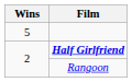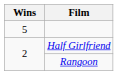 <table class="wikitable" rowspan="2" style="text-align:center;">
 <tr>
 <th scope="col" style="width:55px;">Wins</th>
 <th scope="col" style="text-align:center;">Film</th>
 </tr>
 <tr>
 <td>5</td>
 <td><em></em></td>
 </tr>
 <tr>
 <td rowspan="2">2</td>
-<td><strong><em><a href='#'>Half Girlfriend</a></em></strong></td>
+<td><em><a href='#'>Half Girlfriend</a></em></td>
 </tr>
 <tr>
 <td><em><a href='#'>Rangoon</a></em></td>
 </tr>
 </table>
